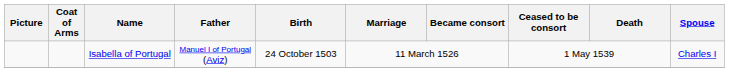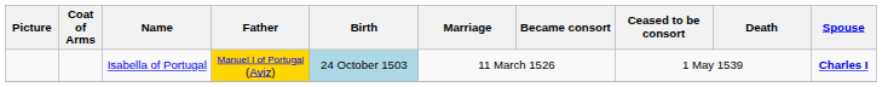 <table width=95% class="wikitable">
 <tr>
 <th width = "4%">Picture</th>
 <th width = "4%">Coat of Arms</th>
 <th width = "10%">Name</th>
 <th width = "9%">Father</th>
 <th width = "10%">Birth</th>
 <th width = "9%">Marriage</th>
 <th width = "9%">Became consort</th>
 <th width = "9%">Ceased to be consort</th>
 <th width = "9%">Death</th>
 <th width = "6%"><a href='#'>Spouse</a></th>
 </tr>
 <tr>
 <td align="center"></td>
 <td align="center"></td>
 <td align="center"><a href='#'>Isabella of Portugal</a><br></td>
-<td align="center"><small><a href='#'>Manuel I of Portugal</a></small><br> (<a href='#'>Aviz</a>)</td>
-<td align="center">24 October 1503</td>
+<td align="center" style="background: gold;"><small><a href='#'>Manuel I of Portugal</a></small><br> (<a href='#'>Aviz</a>)</td>
+<td align="center" style="background: lightblue;">24 October 1503</td>
 <td align="center" colspan="2">11 March 1526</td>
 <td align="center" colspan="2">1 May 1539</td>
-<td align="center"><a href='#'>Charles I</a></td>
+<td align="center"><strong><a href='#'>Charles I</a></strong></td>
 </tr>
 <tr>
 </tr>
 </table>
